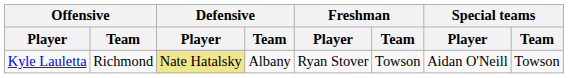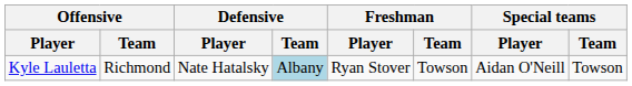 <table class="wikitable" border="1">
 <tr>
 <th colspan="2">Offensive</th>
 <th colspan="2">Defensive</th>
 <th colspan="2">Freshman</th>
 <th colspan="2">Special teams</th>
 </tr>
 <tr>
 <th>Player</th>
 <th>Team</th>
 <th>Player</th>
 <th>Team</th>
 <th>Player</th>
 <th>Team</th>
 <th>Player</th>
 <th>Team</th>
 </tr>
 <tr>
 <td><a href='#'>Kyle Lauletta</a></td>
 <td>Richmond</td>
-<td style="background: khaki;">Nate Hatalsky</td>
-<td>Albany</td>
+<td>Nate Hatalsky</td>
+<td style="background: lightblue;">Albany</td>
 <td>Ryan Stover</td>
 <td>Towson</td>
 <td>Aidan O'Neill</td>
 <td>Towson</td>
 </tr>
 </table>
